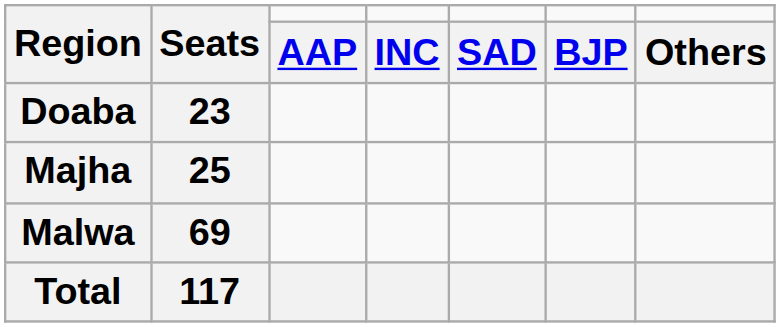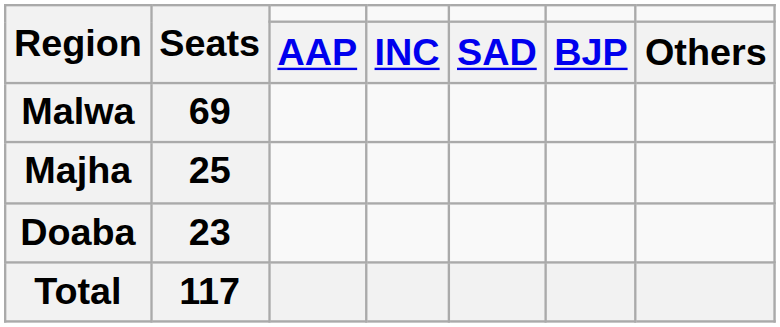 <table class="wikitable" style="text-align:center;">
 <tr>
 <th rowspan="2">Region</th>
 <th rowspan="2">Seats</th>
 <td style="color:inherit;background:"></td>
 <td style="color:inherit;background:"></td>
 <td style="color:inherit;background:"></td>
 <td style="color:inherit;background:"></td>
 <td style="color:inherit;background:"></td>
 </tr>
 <tr>
 <th><a href='#'>AAP</a></th>
 <th><a href='#'>INC</a></th>
 <th><a href='#'>SAD</a></th>
 <th><a href='#'>BJP</a></th>
 <th>Others</th>
 </tr>
 <tr>
-<th>Doaba</th>
-<th>23</th>
+<th>Malwa</th>
+<th>69</th>
 <td></td>
 <td></td>
 <td></td>
 <td></td>
 <td></td>
 </tr>
 <tr>
 <th>Majha</th>
 <th>25</th>
 <td></td>
 <td></td>
 <td></td>
 <td></td>
 <td></td>
 </tr>
 <tr>
-<th>Malwa</th>
-<th>69</th>
+<th>Doaba</th>
+<th>23</th>
 <td></td>
 <td></td>
 <td></td>
 <td></td>
 <td></td>
 </tr>
 <tr>
 <th>Total</th>
 <th>117</th>
 <th></th>
 <th></th>
 <th></th>
 <th></th>
 <th></th>
 </tr>
 </table>
